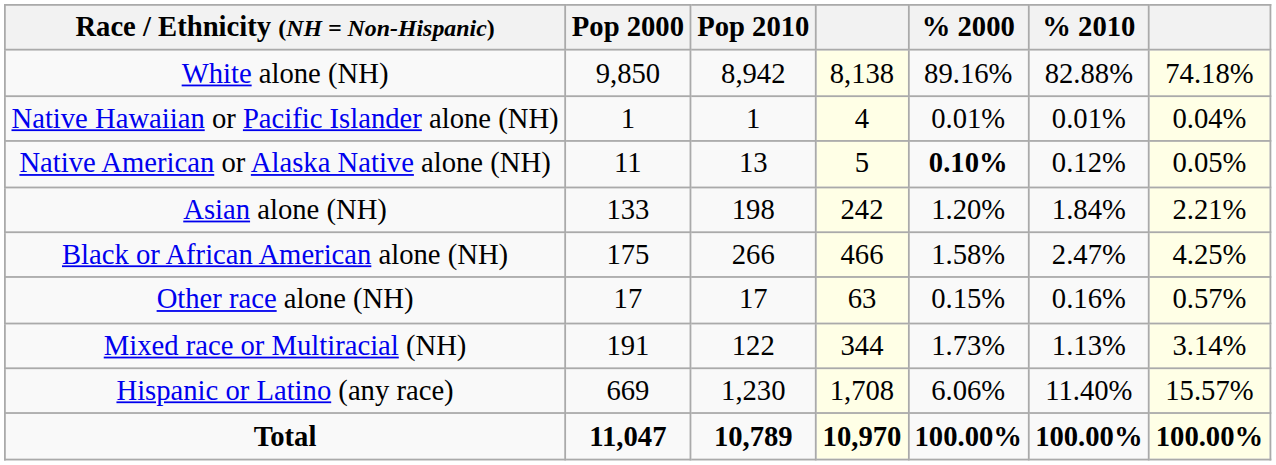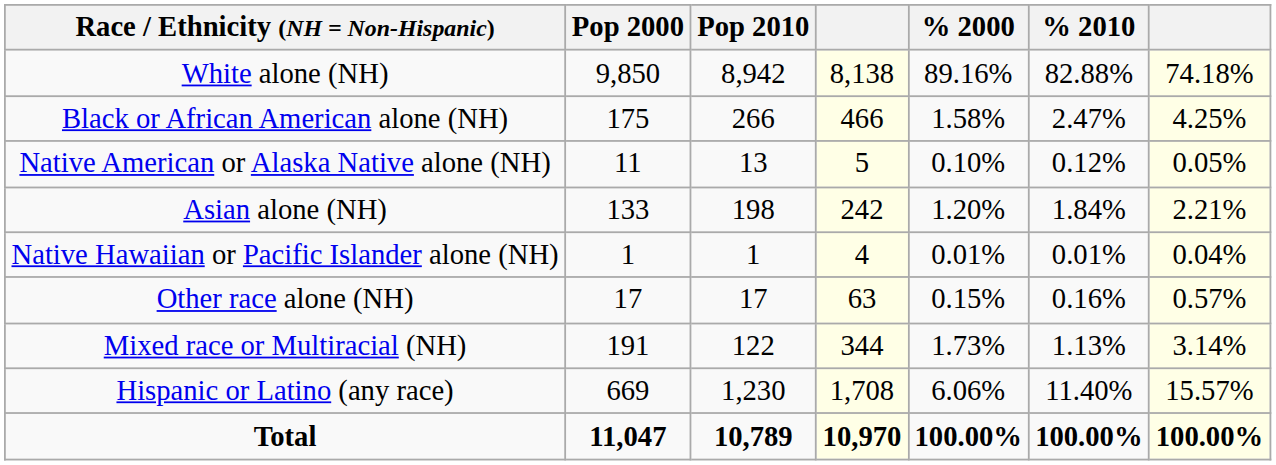 <table class="wikitable" style="text-align:center;">
 <tr>
 <th>Race / Ethnicity <small>(<em>NH = Non-Hispanic</em>)</small></th>
 <th>Pop 2000</th>
 <th>Pop 2010</th>
 <th></th>
 <th>% 2000</th>
 <th>% 2010</th>
 <th></th>
 </tr>
 <tr>
 <td><a href='#'>White</a> alone (NH)</td>
 <td>9,850</td>
 <td>8,942</td>
 <td style='background: #ffffe6;'>8,138</td>
 <td>89.16%</td>
 <td>82.88%</td>
 <td style='background: #ffffe6;'>74.18%</td>
 </tr>
 <tr>
-<td><a href='#'>Native Hawaiian</a> or <a href='#'>Pacific Islander</a> alone (NH)</td>
-<td>1</td>
-<td>1</td>
-<td style='background: #ffffe6;'>4</td>
-<td>0.01%</td>
-<td>0.01%</td>
-<td style='background: #ffffe6;'>0.04%</td>
+<td><a href='#'>Black or African American</a> alone (NH)</td>
+<td>175</td>
+<td>266</td>
+<td style='background: #ffffe6;'>466</td>
+<td>1.58%</td>
+<td>2.47%</td>
+<td style='background: #ffffe6;'>4.25%</td>
 </tr>
 <tr>
 <td><a href='#'>Native American</a> or <a href='#'>Alaska Native</a> alone (NH)</td>
 <td>11</td>
 <td>13</td>
 <td style='background: #ffffe6;'>5</td>
-<td><strong>0.10%</strong></td>
+<td>0.10%</td>
 <td>0.12%</td>
 <td style='background: #ffffe6;'>0.05%</td>
 </tr>
 <tr>
 <td><a href='#'>Asian</a> alone (NH)</td>
 <td>133</td>
 <td>198</td>
 <td style='background: #ffffe6;'>242</td>
 <td>1.20%</td>
 <td>1.84%</td>
 <td style='background: #ffffe6;'>2.21%</td>
 </tr>
 <tr>
-<td><a href='#'>Black or African American</a> alone (NH)</td>
-<td>175</td>
-<td>266</td>
-<td style='background: #ffffe6;'>466</td>
-<td>1.58%</td>
-<td>2.47%</td>
-<td style='background: #ffffe6;'>4.25%</td>
+<td><a href='#'>Native Hawaiian</a> or <a href='#'>Pacific Islander</a> alone (NH)</td>
+<td>1</td>
+<td>1</td>
+<td style='background: #ffffe6;'>4</td>
+<td>0.01%</td>
+<td>0.01%</td>
+<td style='background: #ffffe6;'>0.04%</td>
 </tr>
 <tr>
 <td><a href='#'>Other race</a> alone (NH)</td>
 <td>17</td>
 <td>17</td>
 <td style='background: #ffffe6;'>63</td>
 <td>0.15%</td>
 <td>0.16%</td>
 <td style='background: #ffffe6;'>0.57%</td>
 </tr>
 <tr>
 <td><a href='#'>Mixed race or Multiracial</a> (NH)</td>
 <td>191</td>
 <td>122</td>
 <td style='background: #ffffe6;'>344</td>
 <td>1.73%</td>
 <td>1.13%</td>
 <td style='background: #ffffe6;'>3.14%</td>
 </tr>
 <tr>
 <td><a href='#'>Hispanic or Latino</a> (any race)</td>
 <td>669</td>
 <td>1,230</td>
 <td style='background: #ffffe6;'>1,708</td>
 <td>6.06%</td>
 <td>11.40%</td>
 <td style='background: #ffffe6;'>15.57%</td>
 </tr>
 <tr>
 <td><strong>Total</strong></td>
 <td><strong>11,047</strong></td>
 <td><strong>10,789</strong></td>
 <td style='background: #ffffe6;'><strong>10,970</strong></td>
 <td><strong>100.00%</strong></td>
 <td><strong>100.00%</strong></td>
 <td style='background: #ffffe6;'><strong>100.00%</strong></td>
 </tr>
 </table>
